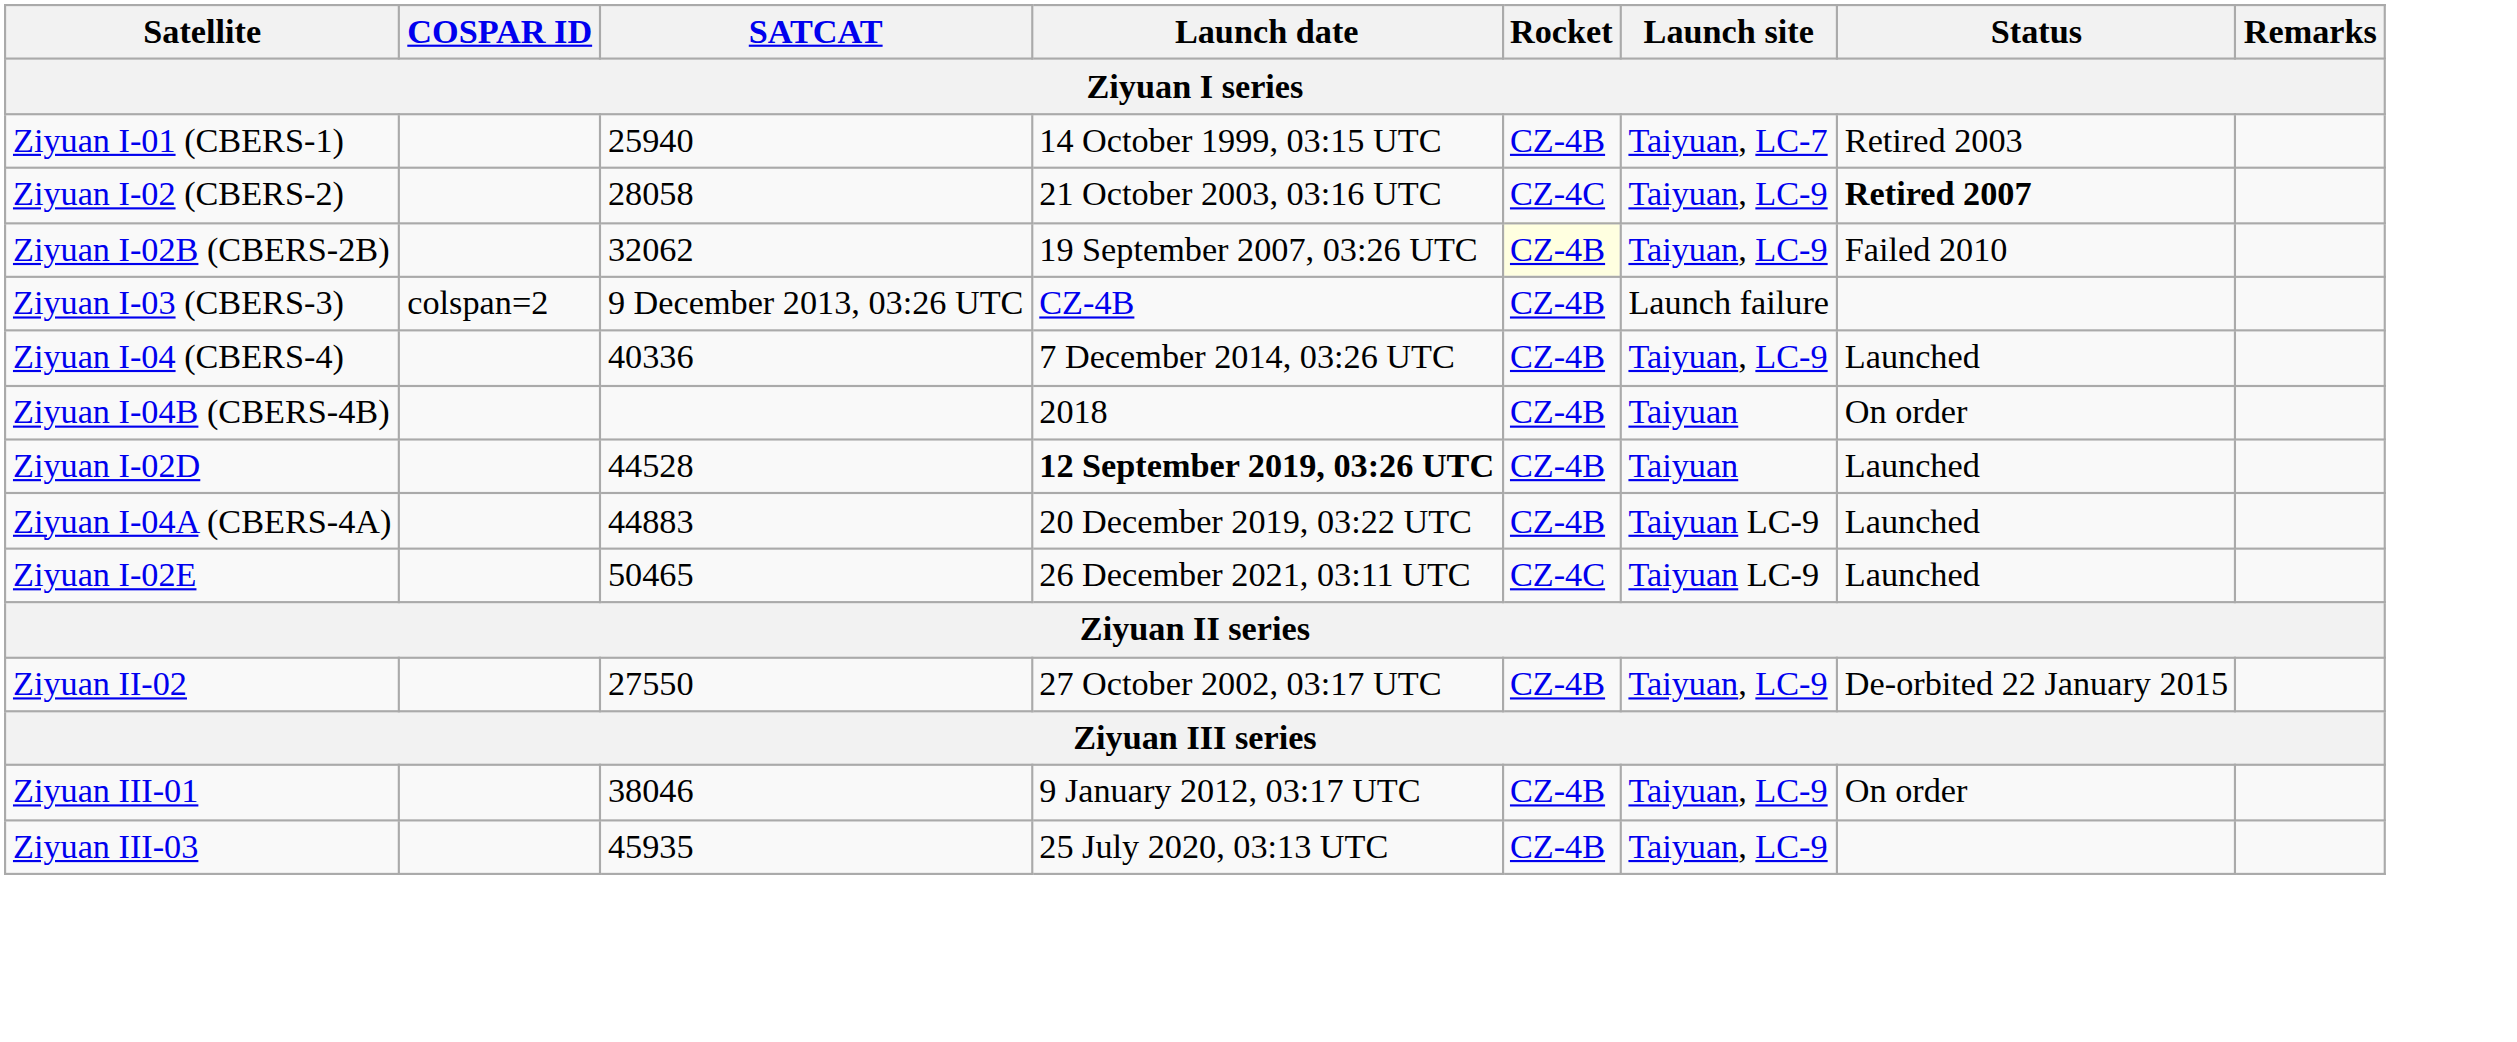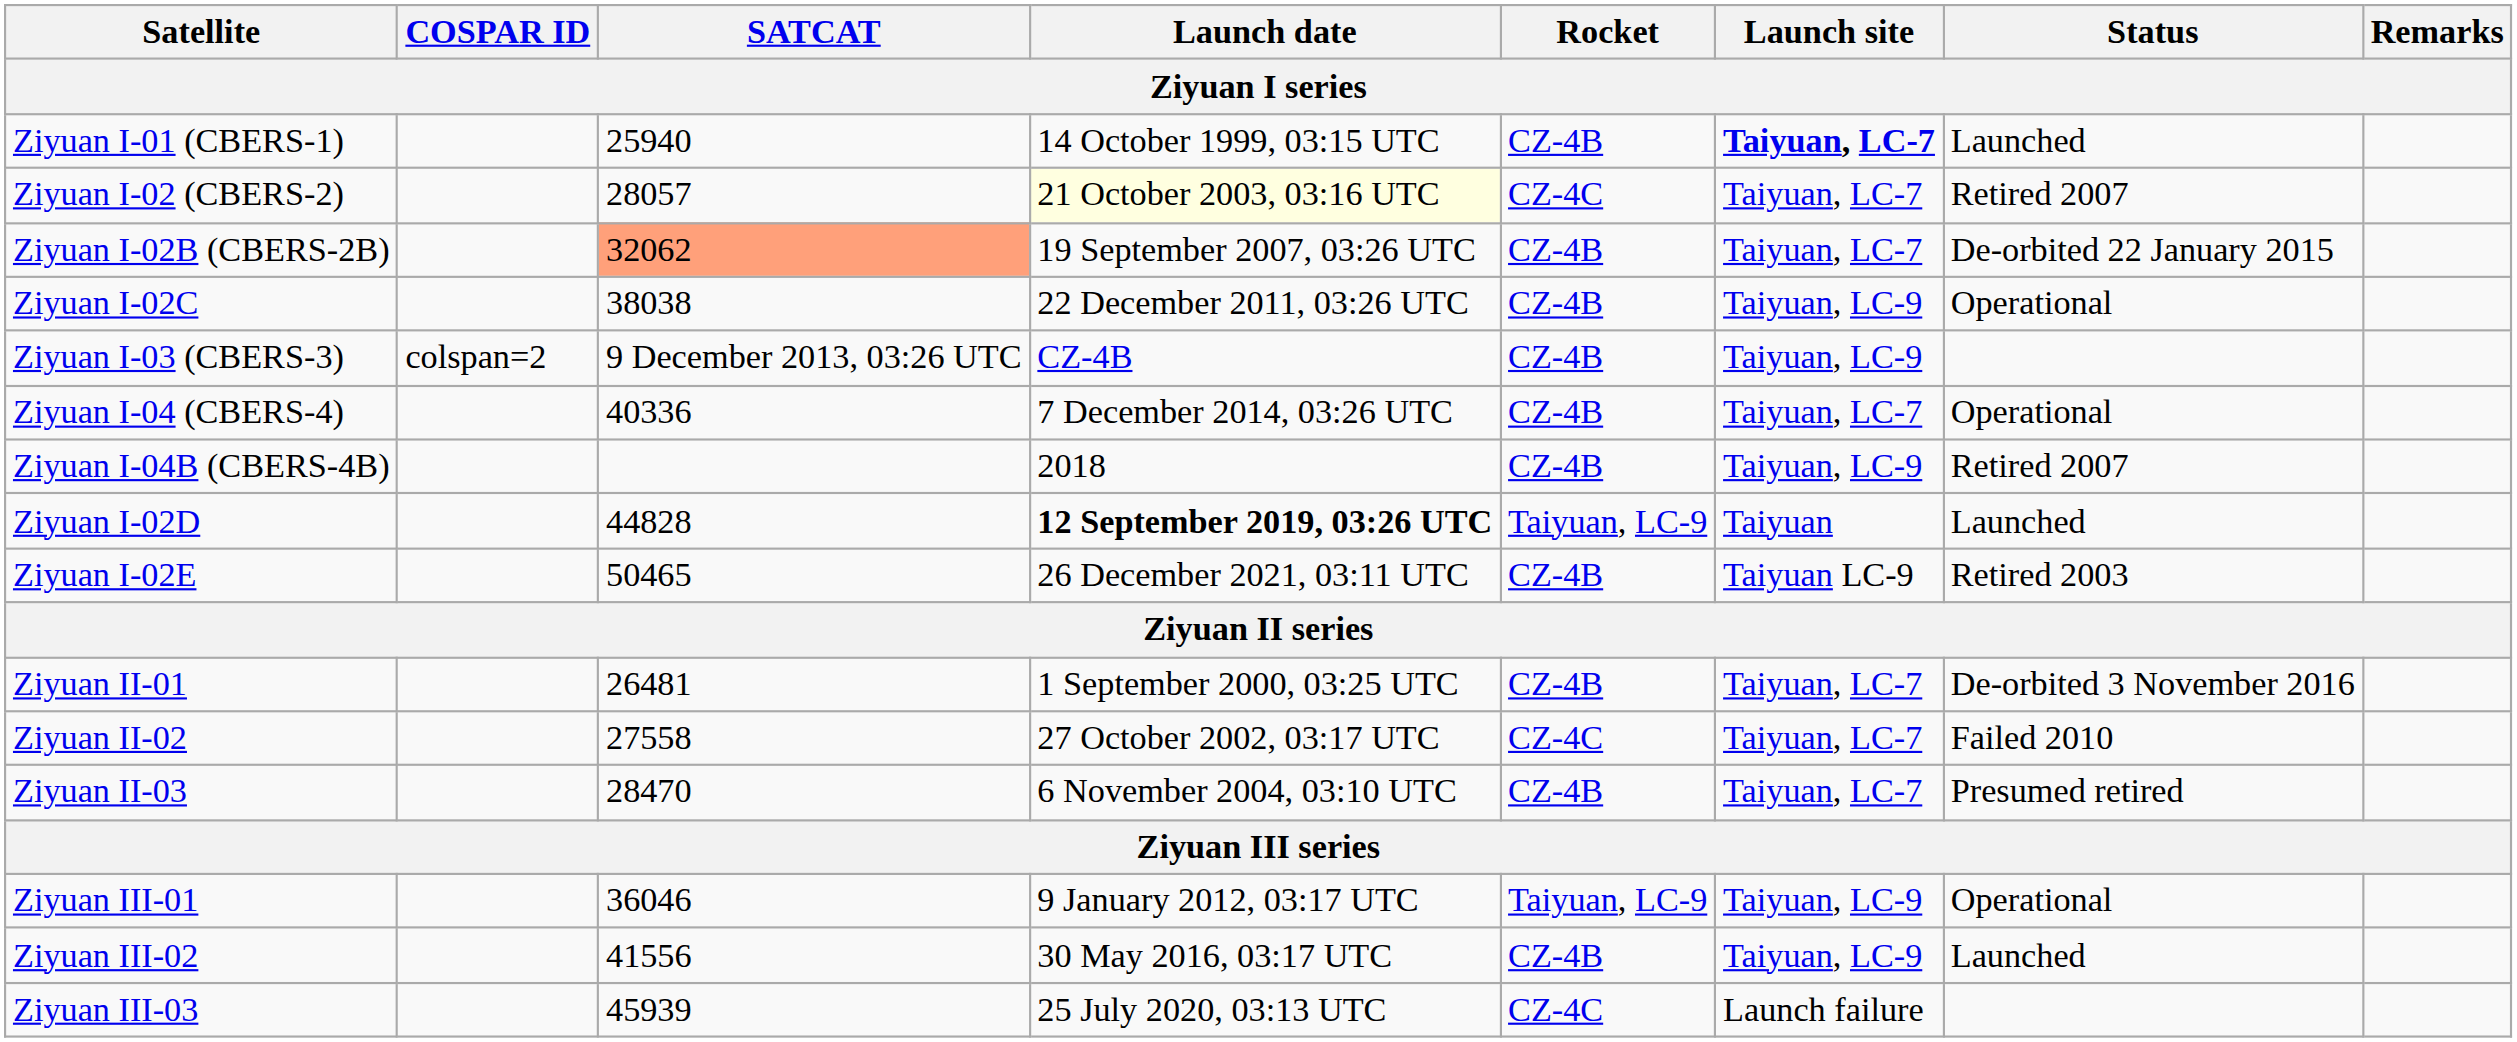 <table class="wikitable">
 <tr>
 <th>Satellite</th>
 <th><a href='#'>COSPAR ID</a></th>
 <th><a href='#'>SATCAT</a></th>
 <th>Launch date</th>
 <th>Rocket</th>
 <th>Launch site</th>
 <th>Status</th>
 <th>Remarks</th>
 </tr>
 <tr>
 <th colspan=8>Ziyuan I series</th>
 </tr>
 <tr>
 <td><a href='#'>Ziyuan I-01</a> (CBERS-1)</td>
 <td></td>
 <td>25940</td>
 <td>14 October 1999, 03:15 UTC</td>
 <td><a href='#'>CZ-4B</a></td>
-<td><a href='#'>Taiyuan</a>, <a href='#'>LC-7</a></td>
-<td>Retired 2003</td>
+<td><strong><a href='#'>Taiyuan</a>, <a href='#'>LC-7</a></strong></td>
+<td>Launched</td>
 <td></td>
 </tr>
 <tr>
 <td><a href='#'>Ziyuan I-02</a> (CBERS-2)</td>
 <td></td>
-<td>28058</td>
-<td>21 October 2003, 03:16 UTC</td>
+<td>28057</td>
+<td style="background: lightyellow;">21 October 2003, 03:16 UTC</td>
 <td><a href='#'>CZ-4C</a></td>
-<td><a href='#'>Taiyuan</a>, <a href='#'>LC-9</a></td>
-<td><strong>Retired 2007</strong></td>
+<td><a href='#'>Taiyuan</a>, <a href='#'>LC-7</a></td>
+<td>Retired 2007</td>
 <td></td>
 </tr>
 <tr>
 <td><a href='#'>Ziyuan I-02B</a> (CBERS-2B)</td>
 <td></td>
-<td>32062</td>
+<td style="background: lightsalmon;">32062</td>
 <td>19 September 2007, 03:26 UTC</td>
-<td style="background: lightyellow;"><a href='#'>CZ-4B</a></td>
+<td><a href='#'>CZ-4B</a></td>
+<td><a href='#'>Taiyuan</a>, <a href='#'>LC-7</a></td>
+<td>De-orbited 22 January 2015</td>
+<td></td>
+</tr>
+<tr>
+<td><a href='#'>Ziyuan I-02C</a></td>
+<td></td>
+<td>38038</td>
+<td>22 December 2011, 03:26 UTC</td>
+<td><a href='#'>CZ-4B</a></td>
 <td><a href='#'>Taiyuan</a>, <a href='#'>LC-9</a></td>
-<td>Failed 2010</td>
+<td>Operational</td>
 <td></td>
 </tr>
 <tr>
 <td><a href='#'>Ziyuan I-03</a> (CBERS-3)</td>
 <td>colspan=2 </td>
 <td>9 December 2013, 03:26 UTC</td>
 <td><a href='#'>CZ-4B</a></td>
 <td><a href='#'>CZ-4B</a></td>
-<td>Launch failure</td>
+<td><a href='#'>Taiyuan</a>, <a href='#'>LC-9</a></td>
 <td></td>
 </tr>
 <tr>
 <td><a href='#'>Ziyuan I-04</a> (CBERS-4)</td>
 <td></td>
 <td>40336</td>
 <td>7 December 2014, 03:26 UTC</td>
 <td><a href='#'>CZ-4B</a></td>
-<td><a href='#'>Taiyuan</a>, <a href='#'>LC-9</a></td>
-<td>Launched</td>
+<td><a href='#'>Taiyuan</a>, <a href='#'>LC-7</a></td>
+<td>Operational</td>
 <td></td>
 </tr>
 <tr>
 <td><a href='#'>Ziyuan I-04B</a> (CBERS-4B)</td>
 <td></td>
 <td></td>
 <td>2018</td>
 <td><a href='#'>CZ-4B</a></td>
-<td><a href='#'>Taiyuan</a></td>
-<td>On order</td>
+<td><a href='#'>Taiyuan</a>, <a href='#'>LC-9</a></td>
+<td>Retired 2007</td>
 <td></td>
 </tr>
 <tr>
 <td><a href='#'>Ziyuan I-02D</a></td>
 <td></td>
-<td>44528</td>
+<td>44828</td>
 <td><strong>12 September 2019, 03:26 UTC</strong></td>
-<td><a href='#'>CZ-4B</a></td>
+<td><a href='#'>Taiyuan</a>, <a href='#'>LC-9</a></td>
 <td><a href='#'>Taiyuan</a></td>
-<td>Launched</td>
-<td></td>
-</tr>
-<tr>
-<td><a href='#'>Ziyuan I-04A</a> (CBERS-4A)</td>
-<td></td>
-<td>44883</td>
-<td>20 December 2019, 03:22 UTC</td>
-<td><a href='#'>CZ-4B</a></td>
-<td><a href='#'>Taiyuan</a> LC-9</td>
 <td>Launched</td>
 <td></td>
 </tr>
 <tr>
 <td><a href='#'>Ziyuan I-02E</a></td>
 <td></td>
 <td>50465</td>
 <td>26 December 2021, 03:11 UTC</td>
-<td><a href='#'>CZ-4C</a></td>
+<td><a href='#'>CZ-4B</a></td>
 <td><a href='#'>Taiyuan</a> LC-9</td>
-<td>Launched</td>
+<td>Retired 2003</td>
 <td></td>
 </tr>
 <tr>
 <th colspan=8>Ziyuan II series</th>
 </tr>
 <tr>
+<td><a href='#'>Ziyuan II-01</a></td>
+<td></td>
+<td>26481</td>
+<td>1 September 2000, 03:25 UTC</td>
+<td><a href='#'>CZ-4B</a></td>
+<td><a href='#'>Taiyuan</a>, <a href='#'>LC-7</a></td>
+<td>De-orbited 3 November 2016</td>
+<td></td>
+</tr>
+<tr>
 <td><a href='#'>Ziyuan II-02</a></td>
 <td></td>
-<td>27550</td>
+<td>27558</td>
 <td>27 October 2002, 03:17 UTC</td>
+<td><a href='#'>CZ-4C</a></td>
+<td><a href='#'>Taiyuan</a>, <a href='#'>LC-7</a></td>
+<td>Failed 2010</td>
+<td></td>
+</tr>
+<tr>
+<td><a href='#'>Ziyuan II-03</a></td>
+<td></td>
+<td>28470</td>
+<td>6 November 2004, 03:10 UTC</td>
 <td><a href='#'>CZ-4B</a></td>
-<td><a href='#'>Taiyuan</a>, <a href='#'>LC-9</a></td>
-<td>De-orbited 22 January 2015</td>
+<td><a href='#'>Taiyuan</a>, <a href='#'>LC-7</a></td>
+<td>Presumed retired</td>
 <td></td>
 </tr>
 <tr>
 <th colspan=8>Ziyuan III series</th>
 </tr>
 <tr>
 <td><a href='#'>Ziyuan III-01</a></td>
 <td></td>
-<td>38046</td>
+<td>36046</td>
 <td>9 January 2012, 03:17 UTC</td>
+<td><a href='#'>Taiyuan</a>, <a href='#'>LC-9</a></td>
+<td><a href='#'>Taiyuan</a>, <a href='#'>LC-9</a></td>
+<td>Operational</td>
+<td></td>
+</tr>
+<tr>
+<td><a href='#'>Ziyuan III-02</a></td>
+<td></td>
+<td>41556</td>
+<td>30 May 2016, 03:17 UTC</td>
 <td><a href='#'>CZ-4B</a></td>
 <td><a href='#'>Taiyuan</a>, <a href='#'>LC-9</a></td>
-<td>On order</td>
+<td>Launched</td>
 <td></td>
 </tr>
 <tr>
 <td><a href='#'>Ziyuan III-03</a></td>
 <td></td>
-<td>45935</td>
+<td>45939</td>
 <td>25 July 2020, 03:13 UTC</td>
-<td><a href='#'>CZ-4B</a></td>
-<td><a href='#'>Taiyuan</a>, <a href='#'>LC-9</a></td>
+<td><a href='#'>CZ-4C</a></td>
+<td>Launch failure</td>
 <td></td>
 </tr>
 </table>
